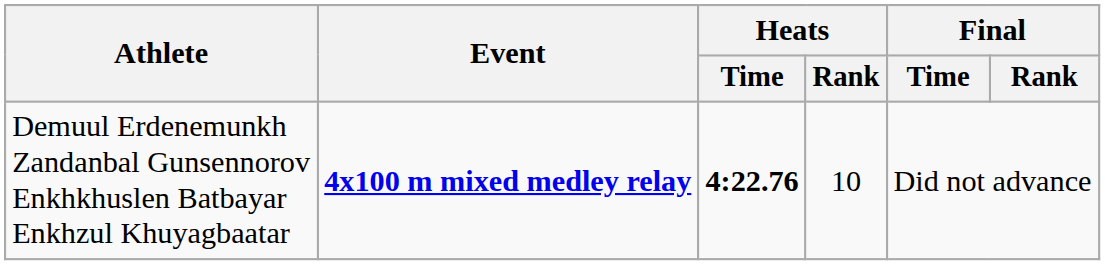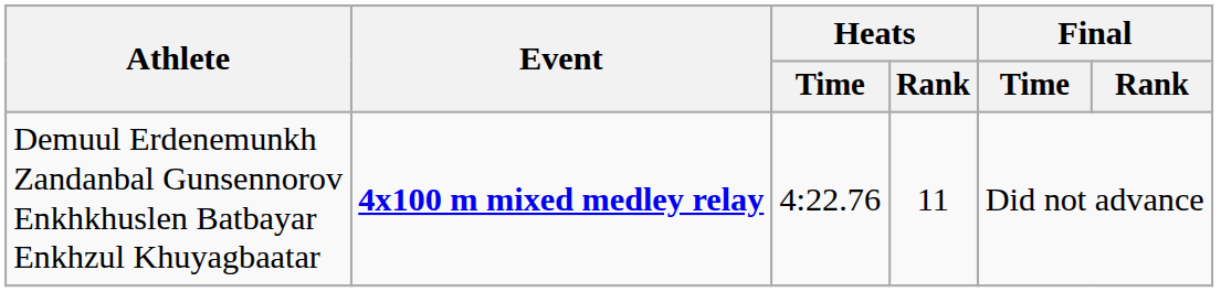 <table class=wikitable style=font-size:90%;text-align:center>
 <tr>
 <th rowspan="2">Athlete</th>
 <th rowspan="2">Event</th>
 <th colspan="2">Heats</th>
 <th colspan="2">Final</th>
 </tr>
 <tr style="font-size:95%">
 <th>Time</th>
 <th>Rank</th>
 <th>Time</th>
 <th>Rank</th>
 </tr>
 <tr>
 <td align=left>Demuul Erdenemunkh<br>Zandanbal Gunsennorov<br>Enkhkhuslen Batbayar<br>Enkhzul Khuyagbaatar</td>
 <td align=left><strong><a href='#'>4x100 m mixed medley relay</a></strong></td>
-<td><strong>4:22.76</strong></td>
-<td>10</td>
+<td>4:22.76</td>
+<td>11</td>
 <td colspan=2>Did not advance</td>
 </tr>
 </table>
